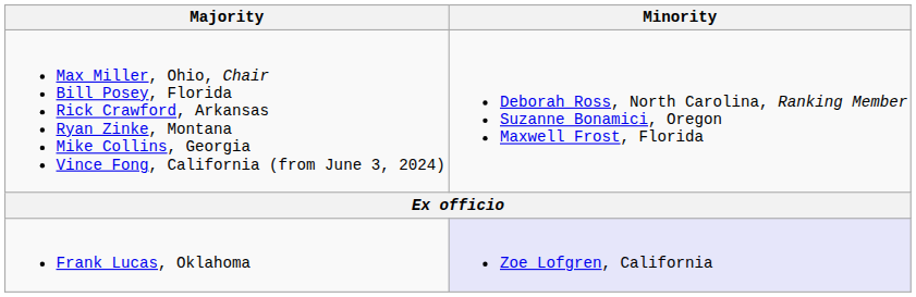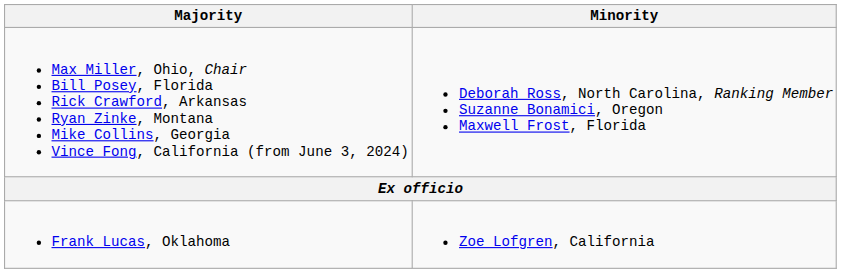 <table class=wikitable>
 <tr>
 <th>Majority</th>
 <th>Minority</th>
 </tr>
 <tr>
 <td><br><ul><li><a href='#'>Max Miller</a>, Ohio, <em>Chair</em></li><li><a href='#'>Bill Posey</a>, Florida</li><li><a href='#'>Rick Crawford</a>, Arkansas</li><li><a href='#'>Ryan Zinke</a>, Montana</li><li><a href='#'>Mike Collins</a>, Georgia</li><li><a href='#'>Vince Fong</a>, California (from June 3, 2024)</li></ul></td>
 <td><br><ul><li><a href='#'>Deborah Ross</a>, North Carolina, <em>Ranking Member</em></li><li><a href='#'>Suzanne Bonamici</a>, Oregon</li><li><a href='#'>Maxwell Frost</a>, Florida</li></ul></td>
 </tr>
 <tr>
 <th colspan=2><em>Ex officio</em></th>
 </tr>
 <tr>
 <td><br><ul><li><a href='#'>Frank Lucas</a>, Oklahoma</li></ul></td>
-<td style="background: lavender;"><br><ul><li><a href='#'>Zoe Lofgren</a>, California</li></ul></td>
+<td><br><ul><li><a href='#'>Zoe Lofgren</a>, California</li></ul></td>
 </tr>
 </table>
